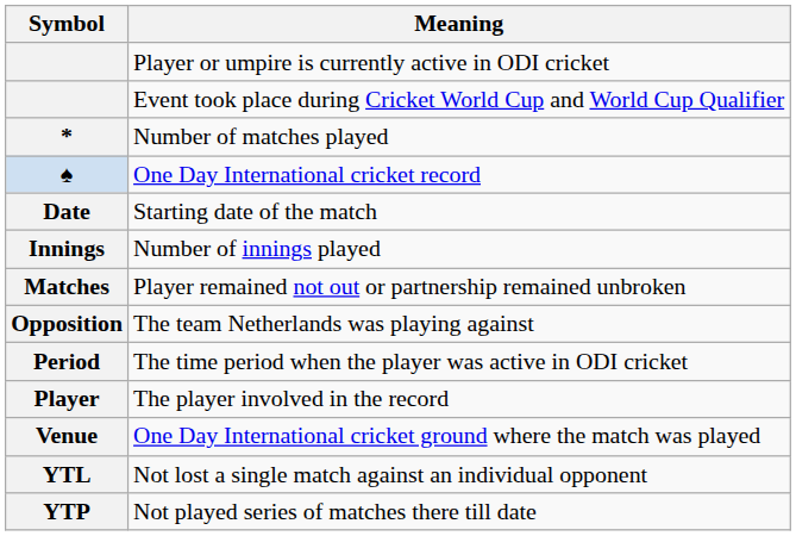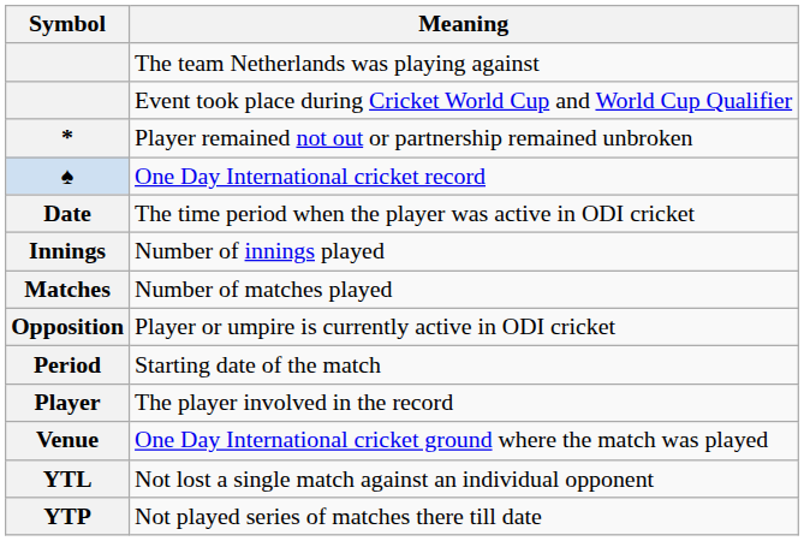 <table class="wikitable plainrowheaders">
 <tr>
 <th scope=col>Symbol</th>
 <th scope=col>Meaning</th>
 </tr>
 <tr>
 <th scope=row></th>
-<td>Player or umpire is currently active in ODI cricket</td>
+<td>The team Netherlands was playing against</td>
 </tr>
 <tr>
 <th scope=row></th>
 <td>Event took place during <a href='#'>Cricket World Cup</a> and <a href='#'>World Cup Qualifier</a></td>
 </tr>
 <tr>
 <th scope=row>*</th>
-<td>Number of matches played</td>
+<td>Player remained <a href='#'>not out</a> or partnership remained unbroken</td>
 </tr>
 <tr>
 <th scope=row style=background:#cee0f2;>♠</th>
 <td><a href='#'>One Day International cricket record</a></td>
 </tr>
 <tr>
 <th scope=row>Date</th>
-<td>Starting date of the match</td>
+<td>The time period when the player was active in ODI cricket</td>
 </tr>
 <tr>
 <th scope=row>Innings</th>
 <td>Number of <a href='#'>innings</a> played</td>
 </tr>
 <tr>
 <th scope=row>Matches</th>
-<td>Player remained <a href='#'>not out</a> or partnership remained unbroken</td>
+<td>Number of matches played</td>
 </tr>
 <tr>
 <th scope=row>Opposition</th>
-<td>The team Netherlands was playing against</td>
+<td>Player or umpire is currently active in ODI cricket</td>
 </tr>
 <tr>
 <th scope=row>Period</th>
-<td>The time period when the player was active in ODI cricket</td>
+<td>Starting date of the match</td>
 </tr>
 <tr>
 <th scope=row>Player</th>
 <td>The player involved in the record</td>
 </tr>
 <tr>
 <th scope=row>Venue</th>
 <td><a href='#'>One Day International cricket ground</a> where the match was played</td>
 </tr>
 <tr>
 <th scope=row>YTL</th>
 <td>Not lost a single match against an individual opponent</td>
 </tr>
 <tr>
 <th scope=row>YTP</th>
 <td>Not played series of matches there till date</td>
 </tr>
 </table>
